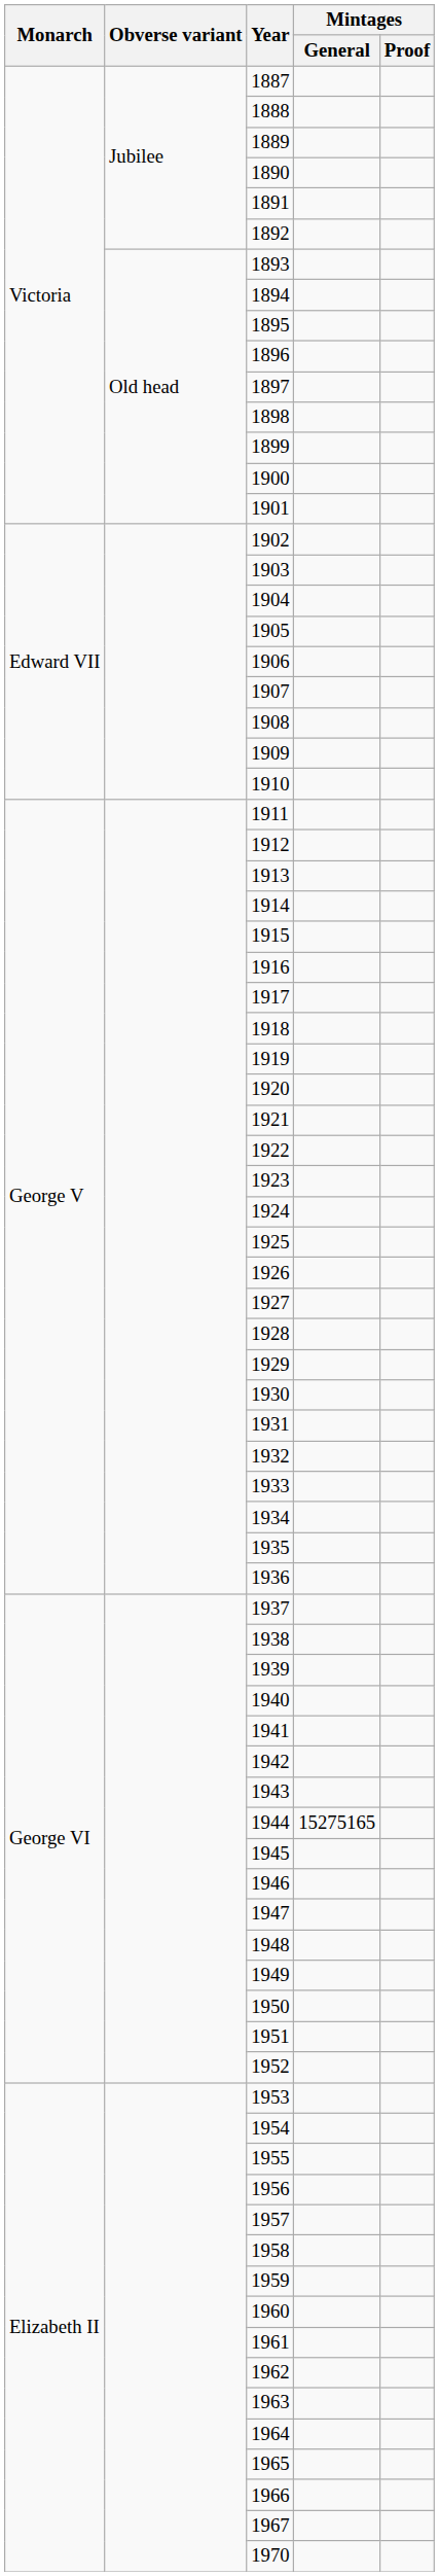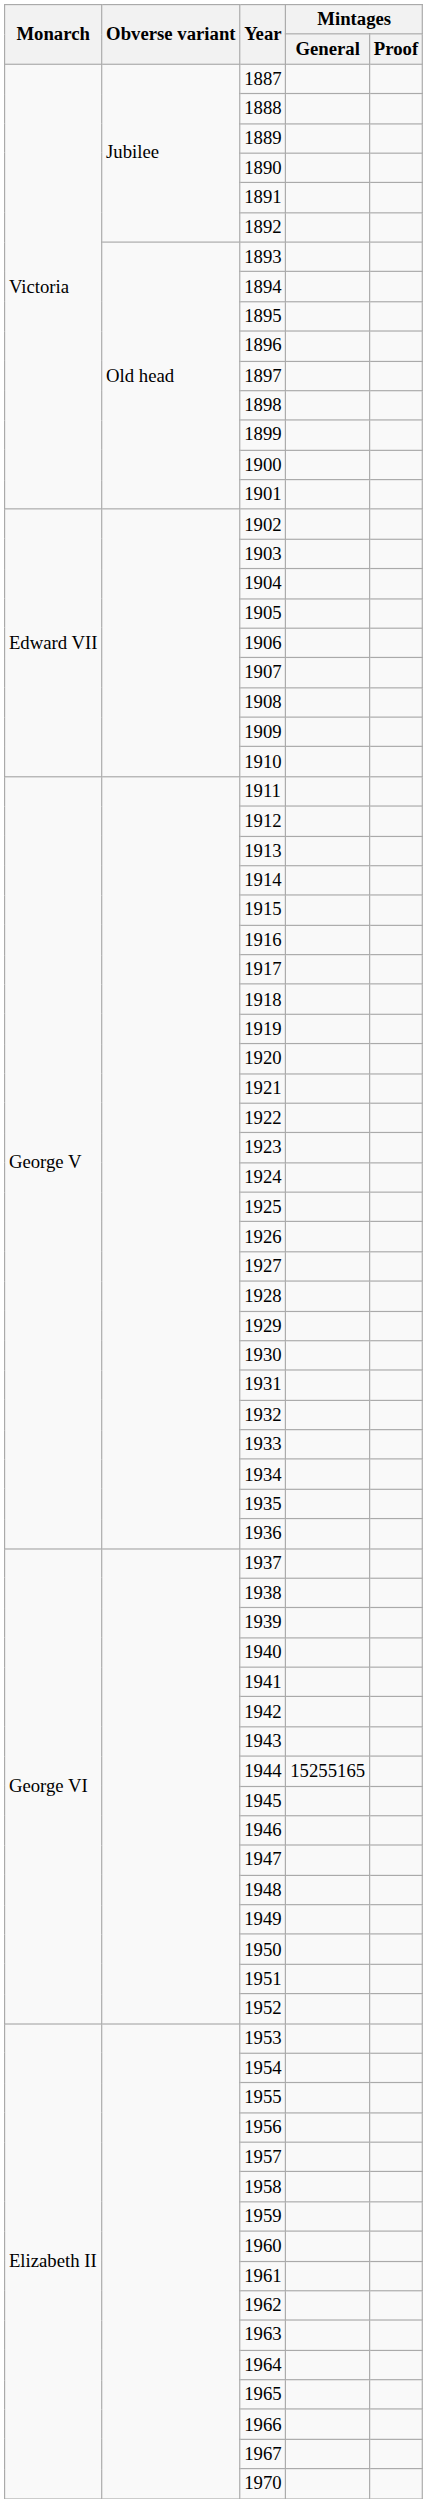 <table class="wikitable">
 <tr>
 <th rowspan="2" scope="col">Monarch</th>
 <th rowspan="2" scope="col">Obverse variant</th>
 <th rowspan="2" scope="col">Year</th>
 <th colspan="2" scope="colgroup">Mintages</th>
 </tr>
 <tr>
 <th scope="col">General</th>
 <th scope="col">Proof</th>
 </tr>
 <tr>
 <td rowspan="15">Victoria</td>
 <td rowspan="6">Jubilee</td>
 <td>1887</td>
 <td style="text-align:right;"></td>
 <td style="text-align:right;"></td>
 </tr>
 <tr>
 <td>1888</td>
 <td style="text-align:right;"></td>
 <td></td>
 </tr>
 <tr>
 <td>1889</td>
 <td style="text-align:right;"></td>
 <td></td>
 </tr>
 <tr>
 <td>1890</td>
 <td style="text-align:right;"></td>
 <td></td>
 </tr>
 <tr>
 <td>1891</td>
 <td style="text-align:right;"></td>
 <td></td>
 </tr>
 <tr>
 <td>1892</td>
 <td style="text-align:right;"></td>
 <td></td>
 </tr>
 <tr>
 <td rowspan="9">Old head</td>
 <td>1893</td>
 <td style="text-align:right;"></td>
 <td style="text-align:right;"></td>
 </tr>
 <tr>
 <td>1894</td>
 <td style="text-align:right;"></td>
 <td></td>
 </tr>
 <tr>
 <td>1895</td>
 <td style="text-align:right;"></td>
 <td></td>
 </tr>
 <tr>
 <td>1896</td>
 <td style="text-align:right;"></td>
 <td></td>
 </tr>
 <tr>
 <td>1897</td>
 <td style="text-align:right;"></td>
 <td></td>
 </tr>
 <tr>
 <td>1898</td>
 <td style="text-align:right;"></td>
 <td></td>
 </tr>
 <tr>
 <td>1899</td>
 <td style="text-align:right;"></td>
 <td></td>
 </tr>
 <tr>
 <td>1900</td>
 <td style="text-align:right;"></td>
 <td></td>
 </tr>
 <tr>
 <td>1901</td>
 <td style="text-align:right;"></td>
 <td></td>
 </tr>
 <tr>
 <td rowspan="9">Edward VII</td>
 <td rowspan="9"></td>
 <td>1902</td>
 <td style="text-align:right;"></td>
 <td style="text-align:right;"></td>
 </tr>
 <tr>
 <td>1903</td>
 <td style="text-align:right;"></td>
 <td></td>
 </tr>
 <tr>
 <td>1904</td>
 <td style="text-align:right;"></td>
 <td></td>
 </tr>
 <tr>
 <td>1905</td>
 <td style="text-align:right;"></td>
 <td></td>
 </tr>
 <tr>
 <td>1906</td>
 <td style="text-align:right;"></td>
 <td></td>
 </tr>
 <tr>
 <td>1907</td>
 <td style="text-align:right;"></td>
 <td></td>
 </tr>
 <tr>
 <td>1908</td>
 <td style="text-align:right;"></td>
 <td></td>
 </tr>
 <tr>
 <td>1909</td>
 <td style="text-align:right;"></td>
 <td></td>
 </tr>
 <tr>
 <td>1910</td>
 <td style="text-align:right;"></td>
 <td></td>
 </tr>
 <tr>
 <td rowspan="26">George V</td>
 <td rowspan="26"></td>
 <td>1911</td>
 <td style="text-align:right;"></td>
 <td style="text-align:right;"></td>
 </tr>
 <tr>
 <td>1912</td>
 <td style="text-align:right;"></td>
 <td></td>
 </tr>
 <tr>
 <td>1913</td>
 <td style="text-align:right;"></td>
 <td></td>
 </tr>
 <tr>
 <td>1914</td>
 <td style="text-align:right;"></td>
 <td></td>
 </tr>
 <tr>
 <td>1915</td>
 <td style="text-align:right;"></td>
 <td></td>
 </tr>
 <tr>
 <td>1916</td>
 <td style="text-align:right;"></td>
 <td></td>
 </tr>
 <tr>
 <td>1917</td>
 <td style="text-align:right;"></td>
 <td></td>
 </tr>
 <tr>
 <td>1918</td>
 <td style="text-align:right;"></td>
 <td></td>
 </tr>
 <tr>
 <td>1919</td>
 <td style="text-align:right;"></td>
 <td></td>
 </tr>
 <tr>
 <td>1920</td>
 <td style="text-align:right;"></td>
 <td></td>
 </tr>
 <tr>
 <td>1921</td>
 <td style="text-align:right;"></td>
 <td></td>
 </tr>
 <tr>
 <td>1922</td>
 <td style="text-align:right;"></td>
 <td></td>
 </tr>
 <tr>
 <td>1923</td>
 <td style="text-align:right;"></td>
 <td></td>
 </tr>
 <tr>
 <td>1924</td>
 <td style="text-align:right;"></td>
 <td></td>
 </tr>
 <tr>
 <td>1925</td>
 <td style="text-align:right;"></td>
 <td></td>
 </tr>
 <tr>
 <td>1926</td>
 <td style="text-align:right;"></td>
 <td></td>
 </tr>
 <tr>
 <td>1927</td>
 <td style="text-align:right;"></td>
 <td style="text-align:right;"></td>
 </tr>
 <tr>
 <td>1928</td>
 <td style="text-align:right;"></td>
 <td></td>
 </tr>
 <tr>
 <td>1929</td>
 <td style="text-align:right;"></td>
 <td></td>
 </tr>
 <tr>
 <td>1930</td>
 <td style="text-align:right;"></td>
 <td></td>
 </tr>
 <tr>
 <td>1931</td>
 <td style="text-align:right;"></td>
 <td></td>
 </tr>
 <tr>
 <td>1932</td>
 <td style="text-align:right;"></td>
 <td></td>
 </tr>
 <tr>
 <td>1933</td>
 <td style="text-align:right;"></td>
 <td></td>
 </tr>
 <tr>
 <td>1934</td>
 <td style="text-align:right;"></td>
 <td></td>
 </tr>
 <tr>
 <td>1935</td>
 <td style="text-align:right;"></td>
 <td></td>
 </tr>
 <tr>
 <td>1936</td>
 <td style="text-align:right;"></td>
 <td></td>
 </tr>
 <tr>
 <td rowspan="16">George VI</td>
 <td rowspan="16"></td>
 <td>1937</td>
 <td style="text-align:right;"></td>
 <td style="text-align:right;"></td>
 </tr>
 <tr>
 <td>1938</td>
 <td style="text-align:right;"></td>
 <td></td>
 </tr>
 <tr>
 <td>1939</td>
 <td style="text-align:right;"></td>
 <td></td>
 </tr>
 <tr>
 <td>1940</td>
 <td style="text-align:right;"></td>
 <td></td>
 </tr>
 <tr>
 <td>1941</td>
 <td style="text-align:right;"></td>
 <td></td>
 </tr>
 <tr>
 <td>1942</td>
 <td style="text-align:right;"></td>
 <td></td>
 </tr>
 <tr>
 <td>1943</td>
 <td style="text-align:right;"></td>
 <td></td>
 </tr>
 <tr>
 <td>1944</td>
-<td>15275165</td>
+<td>15255165</td>
 <td></td>
 </tr>
 <tr>
 <td>1945</td>
 <td style="text-align:right;"></td>
 <td></td>
 </tr>
 <tr>
 <td>1946</td>
 <td style="text-align:right;"></td>
 <td></td>
 </tr>
 <tr>
 <td>1947</td>
 <td style="text-align:right;"></td>
 <td></td>
 </tr>
 <tr>
 <td>1948</td>
 <td style="text-align:right;"></td>
 <td></td>
 </tr>
 <tr>
 <td>1949</td>
 <td style="text-align:right;"></td>
 <td></td>
 </tr>
 <tr>
 <td>1950</td>
 <td style="text-align:right;"></td>
 <td style="text-align:right;"></td>
 </tr>
 <tr>
 <td>1951</td>
 <td style="text-align:right;"></td>
 <td style="text-align:right;"></td>
 </tr>
 <tr>
 <td>1952</td>
 <td style="text-align:right;"></td>
 <td></td>
 </tr>
 <tr>
 <td rowspan="16">Elizabeth II</td>
 <td rowspan="16"></td>
 <td>1953</td>
 <td style="text-align:right;"></td>
 <td style="text-align:right;"></td>
 </tr>
 <tr>
 <td>1954</td>
 <td style="text-align:right;"></td>
 <td></td>
 </tr>
 <tr>
 <td>1955</td>
 <td style="text-align:right;"></td>
 <td></td>
 </tr>
 <tr>
 <td>1956</td>
 <td style="text-align:right;"></td>
 <td></td>
 </tr>
 <tr>
 <td>1957</td>
 <td style="text-align:right;"></td>
 <td></td>
 </tr>
 <tr>
 <td>1958</td>
 <td style="text-align:right;"></td>
 <td></td>
 </tr>
 <tr>
 <td>1959</td>
 <td style="text-align:right;"></td>
 <td></td>
 </tr>
 <tr>
 <td>1960</td>
 <td style="text-align:right;"></td>
 <td></td>
 </tr>
 <tr>
 <td>1961</td>
 <td style="text-align:right;"></td>
 <td></td>
 </tr>
 <tr>
 <td>1962</td>
 <td style="text-align:right;"></td>
 <td></td>
 </tr>
 <tr>
 <td>1963</td>
 <td style="text-align:right;"></td>
 <td></td>
 </tr>
 <tr>
 <td>1964</td>
 <td style="text-align:right;"></td>
 <td></td>
 </tr>
 <tr>
 <td>1965</td>
 <td style="text-align:right;"></td>
 <td></td>
 </tr>
 <tr>
 <td>1966</td>
 <td style="text-align:right;"></td>
 <td></td>
 </tr>
 <tr>
 <td>1967</td>
 <td style="text-align:right;"></td>
 <td></td>
 </tr>
 <tr>
 <td>1970</td>
 <td style="text-align:right;"></td>
 <td style="text-align:right;"></td>
 </tr>
 </table>
